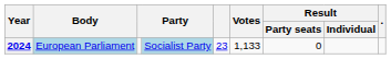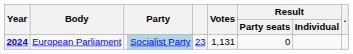 <table class="wikitable plainrowheaders sortable" border=2 cellpadding=4 cellspacing=0 style="border: 1px #aaa solid; font-size: 90%; text-align:center;">
 <tr>
 <th scope="col" rowspan=2>Year</th>
 <th scope="col" rowspan=2>Body</th>
 <th scope="col" colspan=2 rowspan=2>Party</th>
 <th scope="col" rowspan=2></th>
 <th scope="col" rowspan=2>Votes</th>
 <th scope="colgroup" colspan=2>Result</th>
 <th scope="col" rowspan=2>.</th>
 </tr>
 <tr>
 <th scope="col">Party seats</th>
 <th scope="col">Individual</th>
 </tr>
 <tr>
 <th scope="row"><a href='#'>2024</a></th>
-<td style="background: lightblue;"><a href='#'>European Parliament</a></td>
+<td><a href='#'>European Parliament</a></td>
 <td style="background-color:"></td>
 <td style="background: lightblue;"><a href='#'>Socialist Party</a></td>
 <td style=text-align:right><a href='#'>23</a></td>
-<td style=text-align:right>1,133</td>
+<td style=text-align:right>1,131</td>
 <td style=text-align:right>0</td>
 <td></td>
 <td></td>
 </tr>
 </table>
